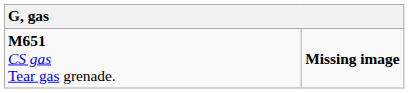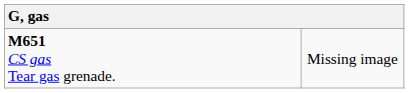 <table class="wikitable mw-collapsible mw-collapsed" style="width: 33%;">
 <tr>
 <th colspan="2" style="text-align: left;">G, gas</th>
 </tr>
 <tr>
 <td><strong>M651</strong><br><em><a href='#'>CS gas</a></em><br><a href='#'>Tear gas</a> grenade.</td>
-<td style="width: 100px; text-align: center; vertical-align: center;"><strong>Missing image</strong></td>
+<td style="width: 100px; text-align: center; vertical-align: center;">Missing image</td>
 </tr>
 </table>
